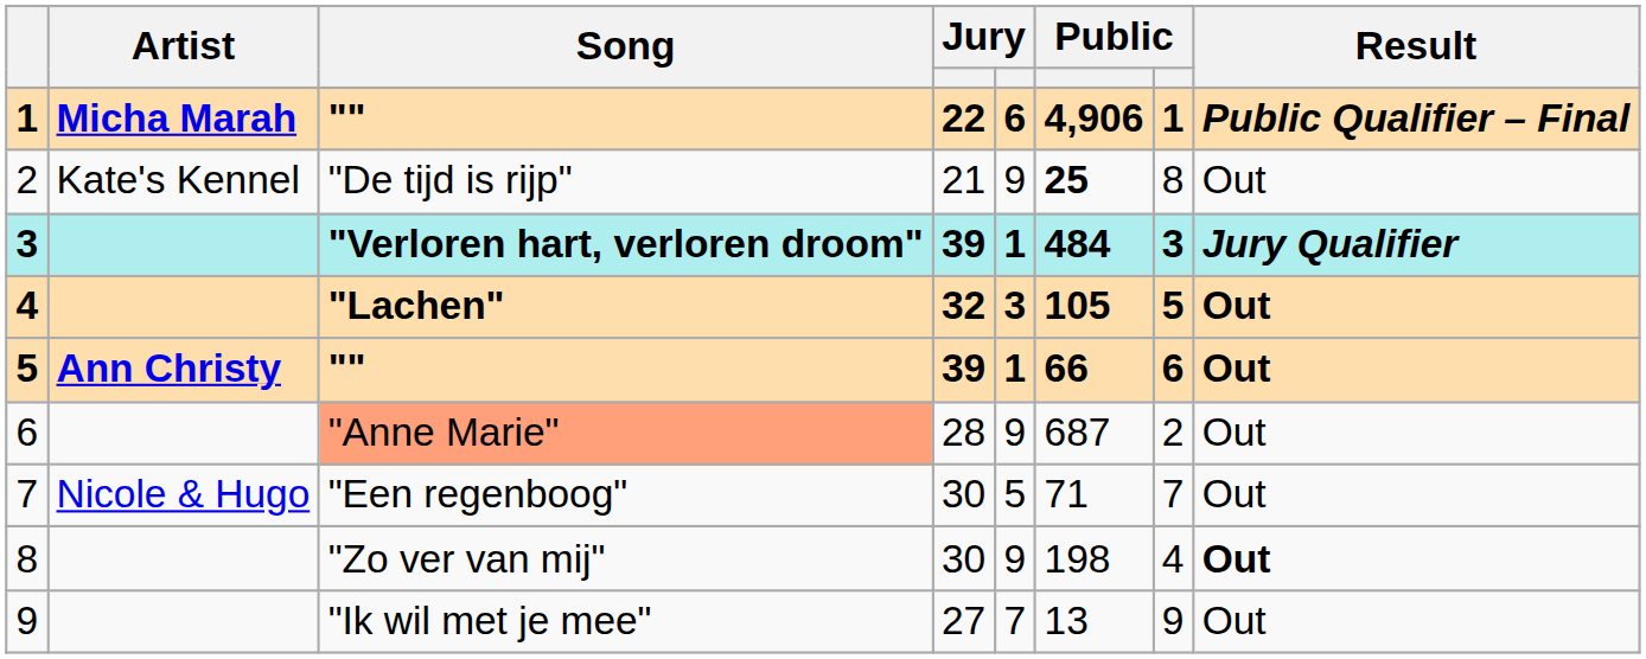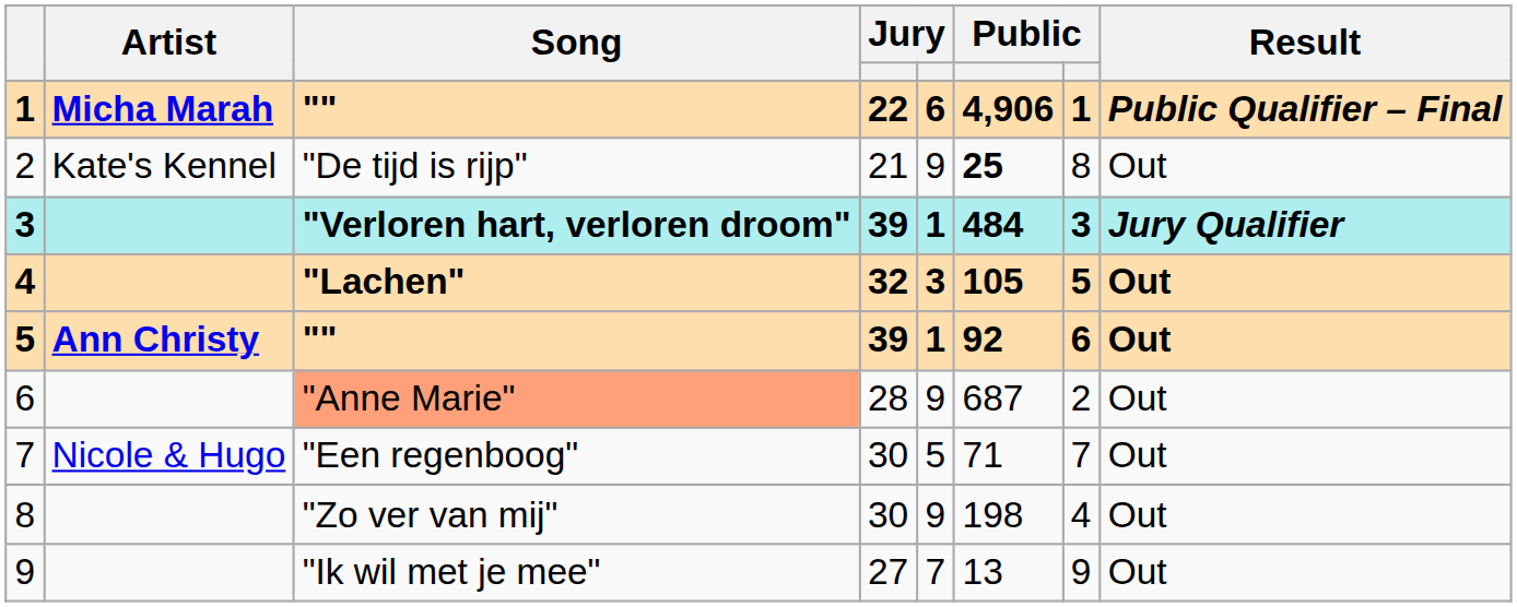 <table class="sortable wikitable" style="margin: 1em auto 1em auto">
 <tr>
 <th rowspan="2"></th>
 <th rowspan="2">Artist</th>
 <th rowspan="2">Song</th>
 <th colspan="2">Jury</th>
 <th colspan="2">Public</th>
 <th rowspan="2">Result</th>
 </tr>
 <tr>
 <th><small></small></th>
 <th><small></small></th>
 <th><small></small></th>
 <th><small></small></th>
 </tr>
 <tr style="font-weight:bold; background:navajowhite;">
 <td>1</td>
 <td><a href='#'>Micha Marah</a></td>
 <td>""</td>
 <td>22</td>
 <td>6</td>
 <td>4,906</td>
 <td>1</td>
 <td><em>Public Qualifier – Final</em></td>
 </tr>
 <tr>
 <td>2</td>
 <td>Kate's Kennel</td>
 <td>"De tijd is rijp"</td>
 <td>21</td>
 <td>9</td>
 <td><strong>25</strong></td>
 <td>8</td>
 <td>Out</td>
 </tr>
 <tr style="font-weight:bold; background:paleturquoise;">
 <td>3</td>
 <td></td>
 <td>"Verloren hart, verloren droom"</td>
 <td>39</td>
 <td>1</td>
 <td>484</td>
 <td>3</td>
 <td><em>Jury Qualifier</em></td>
 </tr>
 <tr style="font-weight:bold; background:navajowhite;">
 <td>4</td>
 <td></td>
 <td>"Lachen"</td>
 <td>32</td>
 <td>3</td>
 <td>105</td>
 <td>5</td>
 <td>Out</td>
 </tr>
 <tr style="font-weight:bold; background:navajowhite;">
 <td>5</td>
 <td><a href='#'>Ann Christy</a></td>
 <td>""</td>
 <td>39</td>
 <td>1</td>
-<td>66</td>
+<td>92</td>
 <td>6</td>
 <td>Out</td>
 </tr>
 <tr>
 <td>6</td>
 <td></td>
 <td style="background: lightsalmon;">"Anne Marie"</td>
 <td>28</td>
 <td>9</td>
 <td>687</td>
 <td>2</td>
 <td>Out</td>
 </tr>
 <tr>
 <td>7</td>
 <td><a href='#'>Nicole & Hugo</a></td>
 <td>"Een regenboog"</td>
 <td>30</td>
 <td>5</td>
 <td>71</td>
 <td>7</td>
 <td>Out</td>
 </tr>
 <tr>
 <td>8</td>
 <td></td>
 <td>"Zo ver van mij"</td>
 <td>30</td>
 <td>9</td>
 <td>198</td>
 <td>4</td>
-<td><strong>Out</strong></td>
+<td>Out</td>
 </tr>
 <tr>
 <td>9</td>
 <td></td>
 <td>"Ik wil met je mee"</td>
 <td>27</td>
 <td>7</td>
 <td>13</td>
 <td>9</td>
 <td>Out</td>
 </tr>
 </table>
